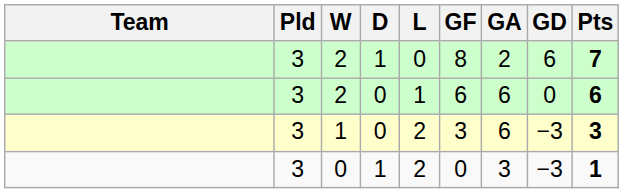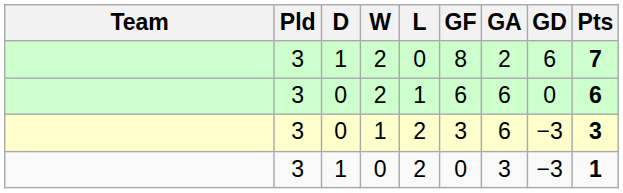 <table class="wikitable" style="text-align:center;">
 <tr>
 <th width=180>Team</th>
 <th width=20>Pld</th>
+<th width=20>D</th>
 <th width=20>W</th>
-<th width=20>D</th>
 <th width=20>L</th>
 <th width=20>GF</th>
 <th width=20>GA</th>
 <th width=20>GD</th>
 <th width=20>Pts</th>
 </tr>
 <tr bgcolor="ccffcc">
 <td align="left"></td>
 <td>3</td>
+<td>1</td>
 <td>2</td>
-<td>1</td>
 <td>0</td>
 <td>8</td>
 <td>2</td>
 <td>6</td>
 <td><strong>7</strong></td>
 </tr>
 <tr bgcolor="ccffcc">
 <td align="left"><em></em></td>
 <td>3</td>
+<td>0</td>
 <td>2</td>
-<td>0</td>
 <td>1</td>
 <td>6</td>
 <td>6</td>
 <td>0</td>
 <td><strong>6</strong></td>
 </tr>
 <tr bgcolor="ffffcc">
 <td align="left"></td>
 <td>3</td>
+<td>0</td>
 <td>1</td>
-<td>0</td>
 <td>2</td>
 <td>3</td>
 <td>6</td>
 <td>−3</td>
 <td><strong>3</strong></td>
 </tr>
 <tr>
 <td align="left"></td>
 <td>3</td>
+<td>1</td>
 <td>0</td>
-<td>1</td>
 <td>2</td>
 <td>0</td>
 <td>3</td>
 <td>−3</td>
 <td><strong>1</strong></td>
 </tr>
 </table>
